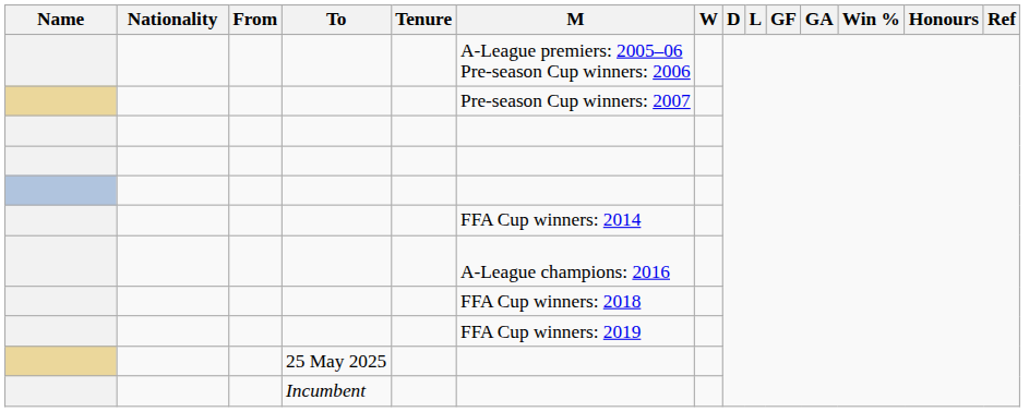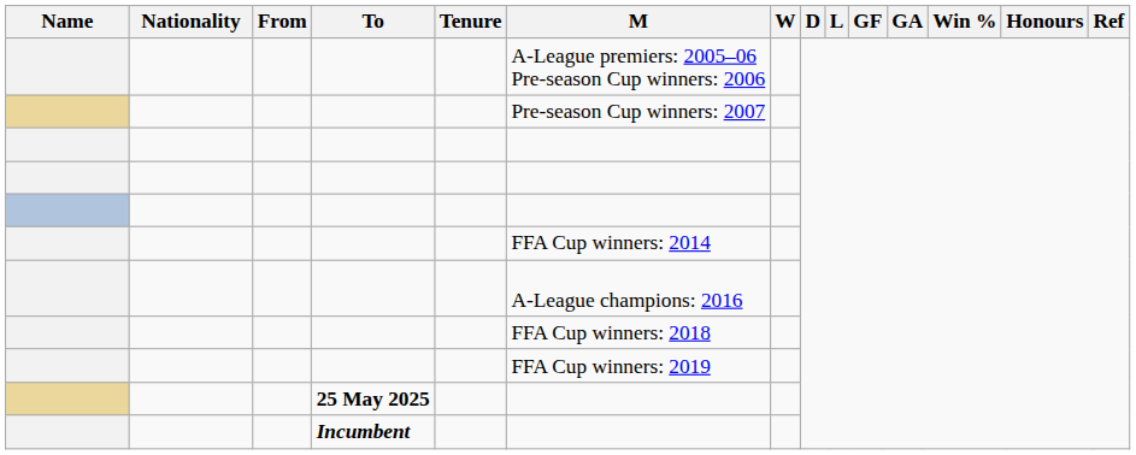 <table class="wikitable plainrowheaders sortable" style="text-align:center">
 <tr>
 <th width=11%>Name</th>
 <th width=11%>Nationality</th>
 <th>From</th>
 <th>To</th>
 <th>Tenure</th>
 <th>M</th>
 <th>W</th>
 <th>D</th>
 <th>L</th>
 <th>GF</th>
 <th>GA</th>
 <th>Win %</th>
 <th class="unsortable">Honours</th>
 <th class="unsortable">Ref</th>
 </tr>
 <tr>
 <th scope=row style=text-align:left></th>
 <td align=left></td>
 <td align=left></td>
 <td align=left></td>
 <td align=left><br></td>
 <td align=left>A-League premiers: <a href='#'>2005–06</a><br>Pre-season Cup winners: <a href='#'>2006</a></td>
 <td></td>
 </tr>
 <tr>
 <th scope=row style=background:#EBD79B> </th>
 <td align=left></td>
 <td align=left></td>
 <td align=left></td>
 <td align=left><br></td>
 <td align=left>Pre-season Cup winners: <a href='#'>2007</a></td>
 <td></td>
 </tr>
 <tr>
 <th scope=row style=text-align:left></th>
 <td align=left></td>
 <td align=left></td>
 <td align=left></td>
 <td align=left><br></td>
 <td></td>
 <td></td>
 </tr>
 <tr>
 <th scope=row style=text-align:left></th>
 <td align=left></td>
 <td align=left></td>
 <td align=left></td>
 <td align=left><br></td>
 <td></td>
 <td></td>
 </tr>
 <tr>
 <th scope=row style=background:#B0C4DE><em></em> </th>
 <td align=left></td>
 <td align=left></td>
 <td align=left></td>
 <td align=left><br></td>
 <td></td>
 <td></td>
 </tr>
 <tr>
 <th scope=row style=text-align:left></th>
 <td align=left></td>
 <td align=left></td>
 <td align=left></td>
 <td align=left><br></td>
 <td align=left>FFA Cup winners: <a href='#'>2014</a></td>
 <td></td>
 </tr>
 <tr>
 <th scope=row style=text-align:left></th>
 <td align=left></td>
 <td align=left></td>
 <td align=left></td>
 <td align=left><br></td>
 <td align=left><br>A-League champions: <a href='#'>2016</a></td>
 <td></td>
 </tr>
 <tr>
 <th scope=row style=text-align:left></th>
 <td align=left></td>
 <td align=left></td>
 <td align=left></td>
 <td align=left><br></td>
 <td align=left>FFA Cup winners: <a href='#'>2018</a></td>
 <td></td>
 </tr>
 <tr>
 <th scope=row style=text-align:left></th>
 <td align=left></td>
 <td align=left></td>
 <td align=left></td>
 <td align=left><br></td>
 <td align=left>FFA Cup winners: <a href='#'>2019</a></td>
 <td></td>
 </tr>
 <tr>
 <th scope=row style=background:#EBD79B> </th>
 <td align=left></td>
 <td align=left></td>
-<td align=left>25 May 2025</td>
+<td align=left><strong>25 May 2025</strong></td>
 <td align=left><br></td>
 <td></td>
 <td></td>
 </tr>
 <tr>
 <th scope=row></th>
 <td align=left></td>
 <td align=left></td>
-<td align=left><em>Incumbent</em></td>
+<td align=left><strong><em>Incumbent</em></strong></td>
 <td align=left><br></td>
 <td></td>
 <td></td>
 </tr>
 </table>
